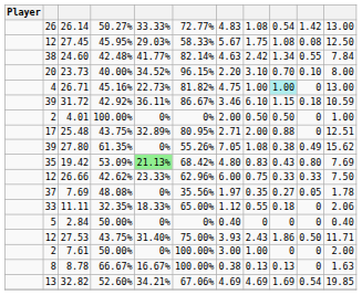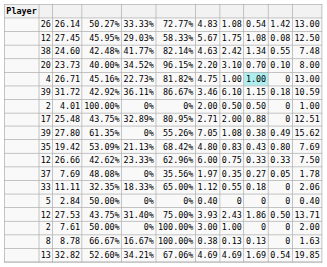 <table class="wikitable sortable" style="font-size:95%; text-align:right;">
 <tr>
 <th>Player</th>
 <th></th>
 <th></th>
 <th></th>
 <th></th>
 <th></th>
 <th></th>
 <th></th>
 <th></th>
 <th></th>
 <th></th>
 </tr>
 <tr>
 <td></td>
 <td>26</td>
 <td>26.14</td>
 <td>50.27%</td>
 <td>33.33%</td>
 <td>72.77%</td>
 <td>4.83</td>
 <td>1.08</td>
 <td>0.54</td>
 <td>1.42</td>
 <td>13.00</td>
 </tr>
 <tr>
 <td></td>
 <td>12</td>
 <td>27.45</td>
 <td>45.95%</td>
 <td>29.03%</td>
 <td>58.33%</td>
 <td>5.67</td>
 <td>1.75</td>
 <td>1.08</td>
 <td>0.08</td>
 <td>12.50</td>
 </tr>
 <tr>
 <td></td>
 <td>38</td>
 <td>24.60</td>
 <td>42.48%</td>
 <td>41.77%</td>
 <td>82.14%</td>
 <td>4.63</td>
 <td>2.42</td>
 <td>1.34</td>
 <td>0.55</td>
-<td>7.84</td>
+<td>7.48</td>
 </tr>
 <tr>
 <td></td>
 <td>20</td>
 <td>23.73</td>
 <td>40.00%</td>
 <td>34.52%</td>
 <td>96.15%</td>
 <td>2.20</td>
 <td>3.10</td>
 <td>0.70</td>
 <td>0.10</td>
 <td>8.00</td>
 </tr>
 <tr>
 <td></td>
 <td>4</td>
 <td>26.71</td>
 <td>45.16%</td>
 <td>22.73%</td>
 <td>81.82%</td>
 <td>4.75</td>
 <td>1.00</td>
 <td style="background: paleturquoise;">1.00</td>
 <td>0</td>
 <td>13.00</td>
 </tr>
 <tr>
 <td></td>
 <td>39</td>
 <td>31.72</td>
 <td>42.92%</td>
 <td>36.11%</td>
 <td>86.67%</td>
 <td>3.46</td>
 <td>6.10</td>
 <td>1.15</td>
 <td>0.18</td>
 <td>10.59</td>
 </tr>
 <tr>
 <td></td>
 <td>2</td>
 <td>4.01</td>
 <td>100.00%</td>
 <td>0%</td>
 <td>0%</td>
 <td>2.00</td>
 <td>0.50</td>
 <td>0.50</td>
 <td>0</td>
 <td>1.00</td>
 </tr>
 <tr>
 <td></td>
 <td>17</td>
 <td>25.48</td>
 <td>43.75%</td>
 <td>32.89%</td>
 <td>80.95%</td>
 <td>2.71</td>
 <td>2.00</td>
 <td>0.88</td>
 <td>0</td>
 <td>12.51</td>
 </tr>
 <tr>
 <td></td>
 <td>39</td>
 <td>27.80</td>
 <td>61.35%</td>
 <td>0%</td>
 <td>55.26%</td>
 <td>7.05</td>
 <td>1.08</td>
 <td>0.38</td>
 <td>0.49</td>
 <td>15.62</td>
 </tr>
 <tr>
 <td></td>
 <td>35</td>
 <td>19.42</td>
 <td>53.09%</td>
-<td style="background: lightgreen;">21.13%</td>
+<td>21.13%</td>
 <td>68.42%</td>
 <td>4.80</td>
 <td>0.83</td>
 <td>0.43</td>
 <td>0.80</td>
 <td>7.69</td>
 </tr>
 <tr>
 <td></td>
 <td>12</td>
 <td>26.66</td>
 <td>42.62%</td>
 <td>23.33%</td>
 <td>62.96%</td>
 <td>6.00</td>
 <td>0.75</td>
 <td>0.33</td>
 <td>0.33</td>
 <td>7.50</td>
 </tr>
 <tr>
 <td></td>
 <td>37</td>
 <td>7.69</td>
 <td>48.08%</td>
 <td>0%</td>
 <td>35.56%</td>
 <td>1.97</td>
 <td>0.35</td>
 <td>0.27</td>
 <td>0.05</td>
 <td>1.78</td>
 </tr>
 <tr>
 <td></td>
 <td>33</td>
 <td>11.11</td>
 <td>32.35%</td>
 <td>18.33%</td>
 <td>65.00%</td>
 <td>1.12</td>
 <td>0.55</td>
 <td>0.18</td>
 <td>0</td>
 <td>2.06</td>
 </tr>
 <tr>
 <td></td>
 <td>5</td>
 <td>2.84</td>
 <td>50.00%</td>
 <td>0%</td>
 <td>0%</td>
 <td>0.40</td>
 <td>0</td>
 <td>0</td>
 <td>0</td>
 <td>0.40</td>
 </tr>
 <tr>
 <td></td>
 <td>12</td>
 <td>27.53</td>
 <td>43.75%</td>
 <td>31.40%</td>
 <td>75.00%</td>
 <td>3.93</td>
 <td>2.43</td>
 <td>1.86</td>
 <td>0.50</td>
-<td>11.71</td>
+<td>13.71</td>
 </tr>
 <tr>
 <td></td>
 <td>2</td>
 <td>7.61</td>
 <td>50.00%</td>
 <td>0%</td>
 <td>100.00%</td>
 <td>3.00</td>
 <td>1.00</td>
 <td>0</td>
 <td>0</td>
 <td>2.00</td>
 </tr>
 <tr>
 <td></td>
 <td>8</td>
 <td>8.78</td>
 <td>66.67%</td>
 <td>16.67%</td>
 <td>100.00%</td>
 <td>0.38</td>
 <td>0.13</td>
 <td>0.13</td>
 <td>0</td>
 <td>1.63</td>
 </tr>
 <tr>
 <td></td>
 <td>13</td>
 <td>32.82</td>
 <td>52.60%</td>
 <td>34.21%</td>
 <td>67.06%</td>
 <td>4.69</td>
 <td>4.69</td>
 <td>1.69</td>
 <td>0.54</td>
 <td>19.85</td>
 </tr>
 <tr>
 </tr>
 </table>
